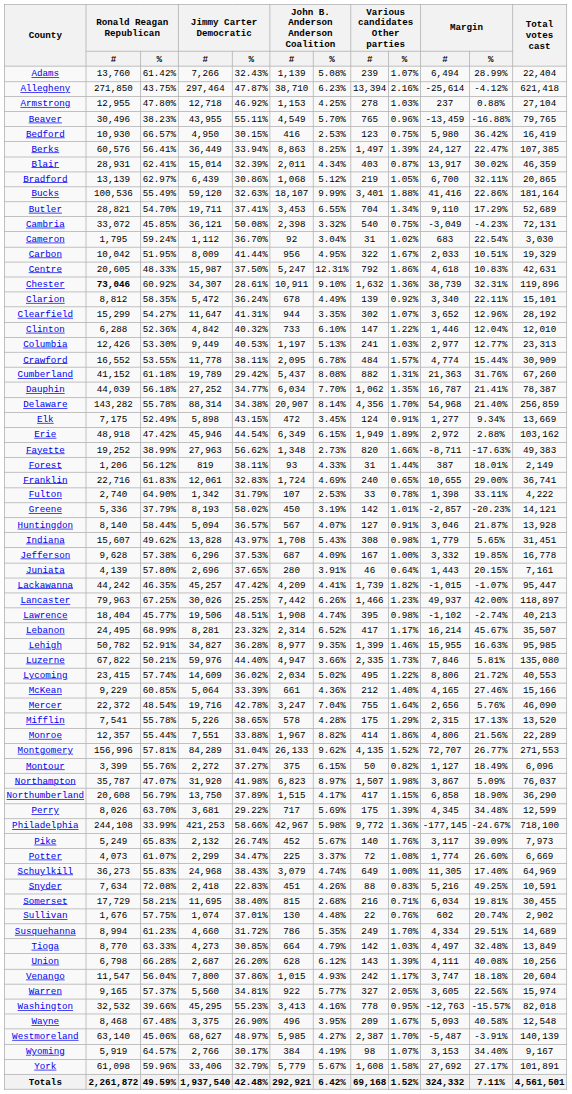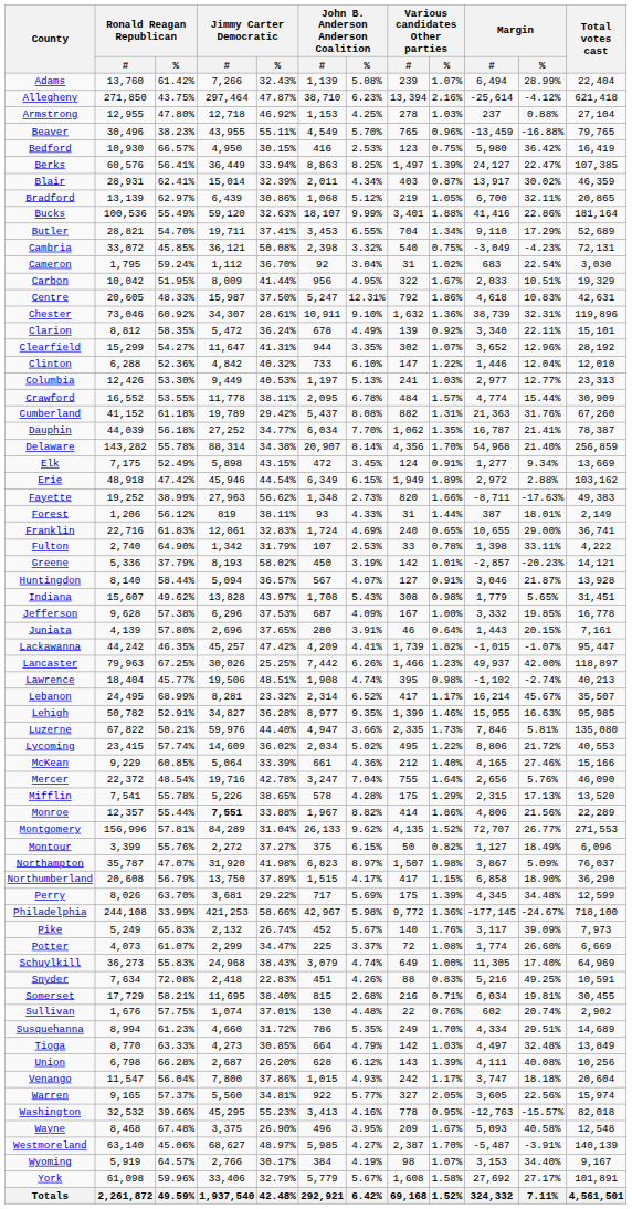 <table width="60%"  class="wikitable sortable" style="text-align:center">
 <tr>
 <th rowspan="2">County</th>
 <th style="text-align:center;" colspan="2">Ronald Reagan<br>Republican</th>
 <th style="text-align:center;" colspan="2">Jimmy Carter<br>Democratic</th>
 <th style="text-align:center;" colspan="2">John B. Anderson<br>Anderson Coalition</th>
 <th style="text-align:center;" colspan="2">Various candidates<br>Other parties</th>
 <th style="text-align:center;" colspan="2">Margin</th>
 <th colspan="1" rowspan="2" style="text-align:center;">Total votes cast</th>
 </tr>
 <tr>
 <th style="text-align:center;" data-sort-type="number">#</th>
 <th style="text-align:center;" data-sort-type="number">%</th>
 <th style="text-align:center;" data-sort-type="number">#</th>
 <th style="text-align:center;" data-sort-type="number">%</th>
 <th style="text-align:center;" data-sort-type="number">#</th>
 <th style="text-align:center;" data-sort-type="number">%</th>
 <th style="text-align:center;" data-sort-type="number">#</th>
 <th style="text-align:center;" data-sort-type="number">%</th>
 <th style="text-align:center;" data-sort-type="number">#</th>
 <th style="text-align:center;" data-sort-type="number">%</th>
 </tr>
 <tr style="text-align:center;">
 <td><a href='#'>Adams</a></td>
 <td>13,760</td>
 <td>61.42%</td>
 <td>7,266</td>
 <td>32.43%</td>
 <td>1,139</td>
 <td>5.08%</td>
 <td>239</td>
 <td>1.07%</td>
 <td>6,494</td>
 <td>28.99%</td>
 <td>22,404</td>
 </tr>
 <tr style="text-align:center;">
 <td><a href='#'>Allegheny</a></td>
 <td>271,850</td>
 <td>43.75%</td>
 <td>297,464</td>
 <td>47.87%</td>
 <td>38,710</td>
 <td>6.23%</td>
 <td>13,394</td>
 <td>2.16%</td>
 <td>-25,614</td>
 <td>-4.12%</td>
 <td>621,418</td>
 </tr>
 <tr style="text-align:center;">
 <td><a href='#'>Armstrong</a></td>
 <td>12,955</td>
 <td>47.80%</td>
 <td>12,718</td>
 <td>46.92%</td>
 <td>1,153</td>
 <td>4.25%</td>
 <td>278</td>
 <td>1.03%</td>
 <td>237</td>
 <td>0.88%</td>
 <td>27,104</td>
 </tr>
 <tr style="text-align:center;">
 <td><a href='#'>Beaver</a></td>
 <td>30,496</td>
 <td>38.23%</td>
 <td>43,955</td>
 <td>55.11%</td>
 <td>4,549</td>
 <td>5.70%</td>
 <td>765</td>
 <td>0.96%</td>
 <td>-13,459</td>
 <td>-16.88%</td>
 <td>79,765</td>
 </tr>
 <tr style="text-align:center;">
 <td><a href='#'>Bedford</a></td>
 <td>10,930</td>
 <td>66.57%</td>
 <td>4,950</td>
 <td>30.15%</td>
 <td>416</td>
 <td>2.53%</td>
 <td>123</td>
 <td>0.75%</td>
 <td>5,980</td>
 <td>36.42%</td>
 <td>16,419</td>
 </tr>
 <tr style="text-align:center;">
 <td><a href='#'>Berks</a></td>
 <td>60,576</td>
 <td>56.41%</td>
 <td>36,449</td>
 <td>33.94%</td>
 <td>8,863</td>
 <td>8.25%</td>
 <td>1,497</td>
 <td>1.39%</td>
 <td>24,127</td>
 <td>22.47%</td>
 <td>107,385</td>
 </tr>
 <tr style="text-align:center;">
 <td><a href='#'>Blair</a></td>
 <td>28,931</td>
 <td>62.41%</td>
 <td>15,014</td>
 <td>32.39%</td>
 <td>2,011</td>
 <td>4.34%</td>
 <td>403</td>
 <td>0.87%</td>
 <td>13,917</td>
 <td>30.02%</td>
 <td>46,359</td>
 </tr>
 <tr style="text-align:center;">
 <td><a href='#'>Bradford</a></td>
 <td>13,139</td>
 <td>62.97%</td>
 <td>6,439</td>
 <td>30.86%</td>
 <td>1,068</td>
 <td>5.12%</td>
 <td>219</td>
 <td>1.05%</td>
 <td>6,700</td>
 <td>32.11%</td>
 <td>20,865</td>
 </tr>
 <tr style="text-align:center;">
 <td><a href='#'>Bucks</a></td>
 <td>100,536</td>
 <td>55.49%</td>
 <td>59,120</td>
 <td>32.63%</td>
 <td>18,107</td>
 <td>9.99%</td>
 <td>3,401</td>
 <td>1.88%</td>
 <td>41,416</td>
 <td>22.86%</td>
 <td>181,164</td>
 </tr>
 <tr style="text-align:center;">
 <td><a href='#'>Butler</a></td>
 <td>28,821</td>
 <td>54.70%</td>
 <td>19,711</td>
 <td>37.41%</td>
 <td>3,453</td>
 <td>6.55%</td>
 <td>704</td>
 <td>1.34%</td>
 <td>9,110</td>
 <td>17.29%</td>
 <td>52,689</td>
 </tr>
 <tr style="text-align:center;">
 <td><a href='#'>Cambria</a></td>
 <td>33,072</td>
 <td>45.85%</td>
 <td>36,121</td>
 <td>50.08%</td>
 <td>2,398</td>
 <td>3.32%</td>
 <td>540</td>
 <td>0.75%</td>
 <td>-3,049</td>
 <td>-4.23%</td>
 <td>72,131</td>
 </tr>
 <tr style="text-align:center;">
 <td><a href='#'>Cameron</a></td>
 <td>1,795</td>
 <td>59.24%</td>
 <td>1,112</td>
 <td>36.70%</td>
 <td>92</td>
 <td>3.04%</td>
 <td>31</td>
 <td>1.02%</td>
 <td>683</td>
 <td>22.54%</td>
 <td>3,030</td>
 </tr>
 <tr style="text-align:center;">
 <td><a href='#'>Carbon</a></td>
 <td>10,042</td>
 <td>51.95%</td>
 <td>8,009</td>
 <td>41.44%</td>
 <td>956</td>
 <td>4.95%</td>
 <td>322</td>
 <td>1.67%</td>
 <td>2,033</td>
 <td>10.51%</td>
 <td>19,329</td>
 </tr>
 <tr style="text-align:center;">
 <td><a href='#'>Centre</a></td>
 <td>20,605</td>
 <td>48.33%</td>
 <td>15,987</td>
 <td>37.50%</td>
 <td>5,247</td>
 <td>12.31%</td>
 <td>792</td>
 <td>1.86%</td>
 <td>4,618</td>
 <td>10.83%</td>
 <td>42,631</td>
 </tr>
 <tr style="text-align:center;">
 <td><a href='#'>Chester</a></td>
-<td><strong>73,046</strong></td>
+<td>73,046</td>
 <td>60.92%</td>
 <td>34,307</td>
 <td>28.61%</td>
 <td>10,911</td>
 <td>9.10%</td>
 <td>1,632</td>
 <td>1.36%</td>
 <td>38,739</td>
 <td>32.31%</td>
 <td>119,896</td>
 </tr>
 <tr style="text-align:center;">
 <td><a href='#'>Clarion</a></td>
 <td>8,812</td>
 <td>58.35%</td>
 <td>5,472</td>
 <td>36.24%</td>
 <td>678</td>
 <td>4.49%</td>
 <td>139</td>
 <td>0.92%</td>
 <td>3,340</td>
 <td>22.11%</td>
 <td>15,101</td>
 </tr>
 <tr style="text-align:center;">
 <td><a href='#'>Clearfield</a></td>
 <td>15,299</td>
 <td>54.27%</td>
 <td>11,647</td>
 <td>41.31%</td>
 <td>944</td>
 <td>3.35%</td>
 <td>302</td>
 <td>1.07%</td>
 <td>3,652</td>
 <td>12.96%</td>
 <td>28,192</td>
 </tr>
 <tr style="text-align:center;">
 <td><a href='#'>Clinton</a></td>
 <td>6,288</td>
 <td>52.36%</td>
 <td>4,842</td>
 <td>40.32%</td>
 <td>733</td>
 <td>6.10%</td>
 <td>147</td>
 <td>1.22%</td>
 <td>1,446</td>
 <td>12.04%</td>
 <td>12,010</td>
 </tr>
 <tr style="text-align:center;">
 <td><a href='#'>Columbia</a></td>
 <td>12,426</td>
 <td>53.30%</td>
 <td>9,449</td>
 <td>40.53%</td>
 <td>1,197</td>
 <td>5.13%</td>
 <td>241</td>
 <td>1.03%</td>
 <td>2,977</td>
 <td>12.77%</td>
 <td>23,313</td>
 </tr>
 <tr style="text-align:center;">
 <td><a href='#'>Crawford</a></td>
 <td>16,552</td>
 <td>53.55%</td>
 <td>11,778</td>
 <td>38.11%</td>
 <td>2,095</td>
 <td>6.78%</td>
 <td>484</td>
 <td>1.57%</td>
 <td>4,774</td>
 <td>15.44%</td>
 <td>30,909</td>
 </tr>
 <tr style="text-align:center;">
 <td><a href='#'>Cumberland</a></td>
 <td>41,152</td>
 <td>61.18%</td>
 <td>19,789</td>
 <td>29.42%</td>
 <td>5,437</td>
 <td>8.08%</td>
 <td>882</td>
 <td>1.31%</td>
 <td>21,363</td>
 <td>31.76%</td>
 <td>67,260</td>
 </tr>
 <tr style="text-align:center;">
 <td><a href='#'>Dauphin</a></td>
 <td>44,039</td>
 <td>56.18%</td>
 <td>27,252</td>
 <td>34.77%</td>
 <td>6,034</td>
 <td>7.70%</td>
 <td>1,062</td>
 <td>1.35%</td>
 <td>16,787</td>
 <td>21.41%</td>
 <td>78,387</td>
 </tr>
 <tr style="text-align:center;">
 <td><a href='#'>Delaware</a></td>
 <td>143,282</td>
 <td>55.78%</td>
 <td>88,314</td>
 <td>34.38%</td>
 <td>20,907</td>
 <td>8.14%</td>
 <td>4,356</td>
 <td>1.70%</td>
 <td>54,968</td>
 <td>21.40%</td>
 <td>256,859</td>
 </tr>
 <tr style="text-align:center;">
 <td><a href='#'>Elk</a></td>
 <td>7,175</td>
 <td>52.49%</td>
 <td>5,898</td>
 <td>43.15%</td>
 <td>472</td>
 <td>3.45%</td>
 <td>124</td>
 <td>0.91%</td>
 <td>1,277</td>
 <td>9.34%</td>
 <td>13,669</td>
 </tr>
 <tr style="text-align:center;">
 <td><a href='#'>Erie</a></td>
 <td>48,918</td>
 <td>47.42%</td>
 <td>45,946</td>
 <td>44.54%</td>
 <td>6,349</td>
 <td>6.15%</td>
 <td>1,949</td>
 <td>1.89%</td>
 <td>2,972</td>
 <td>2.88%</td>
 <td>103,162</td>
 </tr>
 <tr style="text-align:center;">
 <td><a href='#'>Fayette</a></td>
 <td>19,252</td>
 <td>38.99%</td>
 <td>27,963</td>
 <td>56.62%</td>
 <td>1,348</td>
 <td>2.73%</td>
 <td>820</td>
 <td>1.66%</td>
 <td>-8,711</td>
 <td>-17.63%</td>
 <td>49,383</td>
 </tr>
 <tr style="text-align:center;">
 <td><a href='#'>Forest</a></td>
 <td>1,206</td>
 <td>56.12%</td>
 <td>819</td>
 <td>38.11%</td>
 <td>93</td>
 <td>4.33%</td>
 <td>31</td>
 <td>1.44%</td>
 <td>387</td>
 <td>18.01%</td>
 <td>2,149</td>
 </tr>
 <tr style="text-align:center;">
 <td><a href='#'>Franklin</a></td>
 <td>22,716</td>
 <td>61.83%</td>
 <td>12,061</td>
 <td>32.83%</td>
 <td>1,724</td>
 <td>4.69%</td>
 <td>240</td>
 <td>0.65%</td>
 <td>10,655</td>
 <td>29.00%</td>
 <td>36,741</td>
 </tr>
 <tr style="text-align:center;">
 <td><a href='#'>Fulton</a></td>
 <td>2,740</td>
 <td>64.90%</td>
 <td>1,342</td>
 <td>31.79%</td>
 <td>107</td>
 <td>2.53%</td>
 <td>33</td>
 <td>0.78%</td>
 <td>1,398</td>
 <td>33.11%</td>
 <td>4,222</td>
 </tr>
 <tr style="text-align:center;">
 <td><a href='#'>Greene</a></td>
 <td>5,336</td>
 <td>37.79%</td>
 <td>8,193</td>
 <td>58.02%</td>
 <td>450</td>
 <td>3.19%</td>
 <td>142</td>
 <td>1.01%</td>
 <td>-2,857</td>
 <td>-20.23%</td>
 <td>14,121</td>
 </tr>
 <tr style="text-align:center;">
 <td><a href='#'>Huntingdon</a></td>
 <td>8,140</td>
 <td>58.44%</td>
 <td>5,094</td>
 <td>36.57%</td>
 <td>567</td>
 <td>4.07%</td>
 <td>127</td>
 <td>0.91%</td>
 <td>3,046</td>
 <td>21.87%</td>
 <td>13,928</td>
 </tr>
 <tr style="text-align:center;">
 <td><a href='#'>Indiana</a></td>
 <td>15,607</td>
 <td>49.62%</td>
 <td>13,828</td>
 <td>43.97%</td>
 <td>1,708</td>
 <td>5.43%</td>
 <td>308</td>
 <td>0.98%</td>
 <td>1,779</td>
 <td>5.65%</td>
 <td>31,451</td>
 </tr>
 <tr style="text-align:center;">
 <td><a href='#'>Jefferson</a></td>
 <td>9,628</td>
 <td>57.38%</td>
 <td>6,296</td>
 <td>37.53%</td>
 <td>687</td>
 <td>4.09%</td>
 <td>167</td>
 <td>1.00%</td>
 <td>3,332</td>
 <td>19.85%</td>
 <td>16,778</td>
 </tr>
 <tr style="text-align:center;">
 <td><a href='#'>Juniata</a></td>
 <td>4,139</td>
 <td>57.80%</td>
 <td>2,696</td>
 <td>37.65%</td>
 <td>280</td>
 <td>3.91%</td>
 <td>46</td>
 <td>0.64%</td>
 <td>1,443</td>
 <td>20.15%</td>
 <td>7,161</td>
 </tr>
 <tr style="text-align:center;">
 <td><a href='#'>Lackawanna</a></td>
 <td>44,242</td>
 <td>46.35%</td>
 <td>45,257</td>
 <td>47.42%</td>
 <td>4,209</td>
 <td>4.41%</td>
 <td>1,739</td>
 <td>1.82%</td>
 <td>-1,015</td>
 <td>-1.07%</td>
 <td>95,447</td>
 </tr>
 <tr style="text-align:center;">
 <td><a href='#'>Lancaster</a></td>
 <td>79,963</td>
 <td>67.25%</td>
 <td>30,026</td>
 <td>25.25%</td>
 <td>7,442</td>
 <td>6.26%</td>
 <td>1,466</td>
 <td>1.23%</td>
 <td>49,937</td>
 <td>42.00%</td>
 <td>118,897</td>
 </tr>
 <tr style="text-align:center;">
 <td><a href='#'>Lawrence</a></td>
 <td>18,404</td>
 <td>45.77%</td>
 <td>19,506</td>
 <td>48.51%</td>
 <td>1,908</td>
 <td>4.74%</td>
 <td>395</td>
 <td>0.98%</td>
 <td>-1,102</td>
 <td>-2.74%</td>
 <td>40,213</td>
 </tr>
 <tr style="text-align:center;">
 <td><a href='#'>Lebanon</a></td>
 <td>24,495</td>
 <td>68.99%</td>
 <td>8,281</td>
 <td>23.32%</td>
 <td>2,314</td>
 <td>6.52%</td>
 <td>417</td>
 <td>1.17%</td>
 <td>16,214</td>
 <td>45.67%</td>
 <td>35,507</td>
 </tr>
 <tr style="text-align:center;">
 <td><a href='#'>Lehigh</a></td>
 <td>50,782</td>
 <td>52.91%</td>
 <td>34,827</td>
 <td>36.28%</td>
 <td>8,977</td>
 <td>9.35%</td>
 <td>1,399</td>
 <td>1.46%</td>
 <td>15,955</td>
 <td>16.63%</td>
 <td>95,985</td>
 </tr>
 <tr style="text-align:center;">
 <td><a href='#'>Luzerne</a></td>
 <td>67,822</td>
 <td>50.21%</td>
 <td>59,976</td>
 <td>44.40%</td>
 <td>4,947</td>
 <td>3.66%</td>
 <td>2,335</td>
 <td>1.73%</td>
 <td>7,846</td>
 <td>5.81%</td>
 <td>135,080</td>
 </tr>
 <tr style="text-align:center;">
 <td><a href='#'>Lycoming</a></td>
 <td>23,415</td>
 <td>57.74%</td>
 <td>14,609</td>
 <td>36.02%</td>
 <td>2,034</td>
 <td>5.02%</td>
 <td>495</td>
 <td>1.22%</td>
 <td>8,806</td>
 <td>21.72%</td>
 <td>40,553</td>
 </tr>
 <tr style="text-align:center;">
 <td><a href='#'>McKean</a></td>
 <td>9,229</td>
 <td>60.85%</td>
 <td>5,064</td>
 <td>33.39%</td>
 <td>661</td>
 <td>4.36%</td>
 <td>212</td>
 <td>1.40%</td>
 <td>4,165</td>
 <td>27.46%</td>
 <td>15,166</td>
 </tr>
 <tr style="text-align:center;">
 <td><a href='#'>Mercer</a></td>
 <td>22,372</td>
 <td>48.54%</td>
 <td>19,716</td>
 <td>42.78%</td>
 <td>3,247</td>
 <td>7.04%</td>
 <td>755</td>
 <td>1.64%</td>
 <td>2,656</td>
 <td>5.76%</td>
 <td>46,090</td>
 </tr>
 <tr style="text-align:center;">
 <td><a href='#'>Mifflin</a></td>
 <td>7,541</td>
 <td>55.78%</td>
 <td>5,226</td>
 <td>38.65%</td>
 <td>578</td>
 <td>4.28%</td>
 <td>175</td>
 <td>1.29%</td>
 <td>2,315</td>
 <td>17.13%</td>
 <td>13,520</td>
 </tr>
 <tr style="text-align:center;">
 <td><a href='#'>Monroe</a></td>
 <td>12,357</td>
 <td>55.44%</td>
-<td>7,551</td>
+<td><strong>7,551</strong></td>
 <td>33.88%</td>
 <td>1,967</td>
 <td>8.82%</td>
 <td>414</td>
 <td>1.86%</td>
 <td>4,806</td>
 <td>21.56%</td>
 <td>22,289</td>
 </tr>
 <tr style="text-align:center;">
 <td><a href='#'>Montgomery</a></td>
 <td>156,996</td>
 <td>57.81%</td>
 <td>84,289</td>
 <td>31.04%</td>
 <td>26,133</td>
 <td>9.62%</td>
 <td>4,135</td>
 <td>1.52%</td>
 <td>72,707</td>
 <td>26.77%</td>
 <td>271,553</td>
 </tr>
 <tr style="text-align:center;">
 <td><a href='#'>Montour</a></td>
 <td>3,399</td>
 <td>55.76%</td>
 <td>2,272</td>
 <td>37.27%</td>
 <td>375</td>
 <td>6.15%</td>
 <td>50</td>
 <td>0.82%</td>
 <td>1,127</td>
 <td>18.49%</td>
 <td>6,096</td>
 </tr>
 <tr style="text-align:center;">
 <td><a href='#'>Northampton</a></td>
 <td>35,787</td>
 <td>47.07%</td>
 <td>31,920</td>
 <td>41.98%</td>
 <td>6,823</td>
 <td>8.97%</td>
 <td>1,507</td>
 <td>1.98%</td>
 <td>3,867</td>
 <td>5.09%</td>
 <td>76,037</td>
 </tr>
 <tr style="text-align:center;">
 <td><a href='#'>Northumberland</a></td>
 <td>20,608</td>
 <td>56.79%</td>
 <td>13,750</td>
 <td>37.89%</td>
 <td>1,515</td>
 <td>4.17%</td>
 <td>417</td>
 <td>1.15%</td>
 <td>6,858</td>
 <td>18.90%</td>
 <td>36,290</td>
 </tr>
 <tr style="text-align:center;">
 <td><a href='#'>Perry</a></td>
 <td>8,026</td>
 <td>63.70%</td>
 <td>3,681</td>
 <td>29.22%</td>
 <td>717</td>
 <td>5.69%</td>
 <td>175</td>
 <td>1.39%</td>
 <td>4,345</td>
 <td>34.48%</td>
 <td>12,599</td>
 </tr>
 <tr style="text-align:center;">
 <td><a href='#'>Philadelphia</a></td>
 <td>244,108</td>
 <td>33.99%</td>
 <td>421,253</td>
 <td>58.66%</td>
 <td>42,967</td>
 <td>5.98%</td>
 <td>9,772</td>
 <td>1.36%</td>
 <td>-177,145</td>
 <td>-24.67%</td>
 <td>718,100</td>
 </tr>
 <tr style="text-align:center;">
 <td><a href='#'>Pike</a></td>
 <td>5,249</td>
 <td>65.83%</td>
 <td>2,132</td>
 <td>26.74%</td>
 <td>452</td>
 <td>5.67%</td>
 <td>140</td>
 <td>1.76%</td>
 <td>3,117</td>
 <td>39.09%</td>
 <td>7,973</td>
 </tr>
 <tr style="text-align:center;">
 <td><a href='#'>Potter</a></td>
 <td>4,073</td>
 <td>61.07%</td>
 <td>2,299</td>
 <td>34.47%</td>
 <td>225</td>
 <td>3.37%</td>
 <td>72</td>
 <td>1.08%</td>
 <td>1,774</td>
 <td>26.60%</td>
 <td>6,669</td>
 </tr>
 <tr style="text-align:center;">
 <td><a href='#'>Schuylkill</a></td>
 <td>36,273</td>
 <td>55.83%</td>
 <td>24,968</td>
 <td>38.43%</td>
 <td>3,079</td>
 <td>4.74%</td>
 <td>649</td>
 <td>1.00%</td>
 <td>11,305</td>
 <td>17.40%</td>
 <td>64,969</td>
 </tr>
 <tr style="text-align:center;">
 <td><a href='#'>Snyder</a></td>
 <td>7,634</td>
 <td>72.08%</td>
 <td>2,418</td>
 <td>22.83%</td>
 <td>451</td>
 <td>4.26%</td>
 <td>88</td>
 <td>0.83%</td>
 <td>5,216</td>
 <td>49.25%</td>
 <td>10,591</td>
 </tr>
 <tr style="text-align:center;">
 <td><a href='#'>Somerset</a></td>
 <td>17,729</td>
 <td>58.21%</td>
 <td>11,695</td>
 <td>38.40%</td>
 <td>815</td>
 <td>2.68%</td>
 <td>216</td>
 <td>0.71%</td>
 <td>6,034</td>
 <td>19.81%</td>
 <td>30,455</td>
 </tr>
 <tr style="text-align:center;">
 <td><a href='#'>Sullivan</a></td>
 <td>1,676</td>
 <td>57.75%</td>
 <td>1,074</td>
 <td>37.01%</td>
 <td>130</td>
 <td>4.48%</td>
 <td>22</td>
 <td>0.76%</td>
 <td>602</td>
 <td>20.74%</td>
 <td>2,902</td>
 </tr>
 <tr style="text-align:center;">
 <td><a href='#'>Susquehanna</a></td>
 <td>8,994</td>
 <td>61.23%</td>
 <td>4,660</td>
 <td>31.72%</td>
 <td>786</td>
 <td>5.35%</td>
 <td>249</td>
 <td>1.70%</td>
 <td>4,334</td>
 <td>29.51%</td>
 <td>14,689</td>
 </tr>
 <tr style="text-align:center;">
 <td><a href='#'>Tioga</a></td>
 <td>8,770</td>
 <td>63.33%</td>
 <td>4,273</td>
 <td>30.85%</td>
 <td>664</td>
 <td>4.79%</td>
 <td>142</td>
 <td>1.03%</td>
 <td>4,497</td>
 <td>32.48%</td>
 <td>13,849</td>
 </tr>
 <tr style="text-align:center;">
 <td><a href='#'>Union</a></td>
 <td>6,798</td>
 <td>66.28%</td>
 <td>2,687</td>
 <td>26.20%</td>
 <td>628</td>
 <td>6.12%</td>
 <td>143</td>
 <td>1.39%</td>
 <td>4,111</td>
 <td>40.08%</td>
 <td>10,256</td>
 </tr>
 <tr style="text-align:center;">
 <td><a href='#'>Venango</a></td>
 <td>11,547</td>
 <td>56.04%</td>
 <td>7,800</td>
 <td>37.86%</td>
 <td>1,015</td>
 <td>4.93%</td>
 <td>242</td>
 <td>1.17%</td>
 <td>3,747</td>
 <td>18.18%</td>
 <td>20,604</td>
 </tr>
 <tr style="text-align:center;">
 <td><a href='#'>Warren</a></td>
 <td>9,165</td>
 <td>57.37%</td>
 <td>5,560</td>
 <td>34.81%</td>
 <td>922</td>
 <td>5.77%</td>
 <td>327</td>
 <td>2.05%</td>
 <td>3,605</td>
 <td>22.56%</td>
 <td>15,974</td>
 </tr>
 <tr style="text-align:center;">
 <td><a href='#'>Washington</a></td>
 <td>32,532</td>
 <td>39.66%</td>
 <td>45,295</td>
 <td>55.23%</td>
 <td>3,413</td>
 <td>4.16%</td>
 <td>778</td>
 <td>0.95%</td>
 <td>-12,763</td>
 <td>-15.57%</td>
 <td>82,018</td>
 </tr>
 <tr style="text-align:center;">
 <td><a href='#'>Wayne</a></td>
 <td>8,468</td>
 <td>67.48%</td>
 <td>3,375</td>
 <td>26.90%</td>
 <td>496</td>
 <td>3.95%</td>
 <td>209</td>
 <td>1.67%</td>
 <td>5,093</td>
 <td>40.58%</td>
 <td>12,548</td>
 </tr>
 <tr style="text-align:center;">
 <td><a href='#'>Westmoreland</a></td>
 <td>63,140</td>
 <td>45.06%</td>
 <td>68,627</td>
 <td>48.97%</td>
 <td>5,985</td>
 <td>4.27%</td>
 <td>2,387</td>
 <td>1.70%</td>
 <td>-5,487</td>
 <td>-3.91%</td>
 <td>140,139</td>
 </tr>
 <tr style="text-align:center;">
 <td><a href='#'>Wyoming</a></td>
 <td>5,919</td>
 <td>64.57%</td>
 <td>2,766</td>
 <td>30.17%</td>
 <td>384</td>
 <td>4.19%</td>
 <td>98</td>
 <td>1.07%</td>
 <td>3,153</td>
 <td>34.40%</td>
 <td>9,167</td>
 </tr>
 <tr style="text-align:center;">
 <td><a href='#'>York</a></td>
 <td>61,098</td>
 <td>59.96%</td>
 <td>33,406</td>
 <td>32.79%</td>
 <td>5,779</td>
 <td>5.67%</td>
 <td>1,608</td>
 <td>1.58%</td>
 <td>27,692</td>
 <td>27.17%</td>
 <td>101,891</td>
 </tr>
 <tr style="text-align:center;">
 <th>Totals</th>
 <th>2,261,872</th>
 <th>49.59%</th>
 <th>1,937,540</th>
 <th>42.48%</th>
 <th>292,921</th>
 <th>6.42%</th>
 <th>69,168</th>
 <th>1.52%</th>
 <th>324,332</th>
 <th>7.11%</th>
 <th>4,561,501</th>
 </tr>
 </table>
